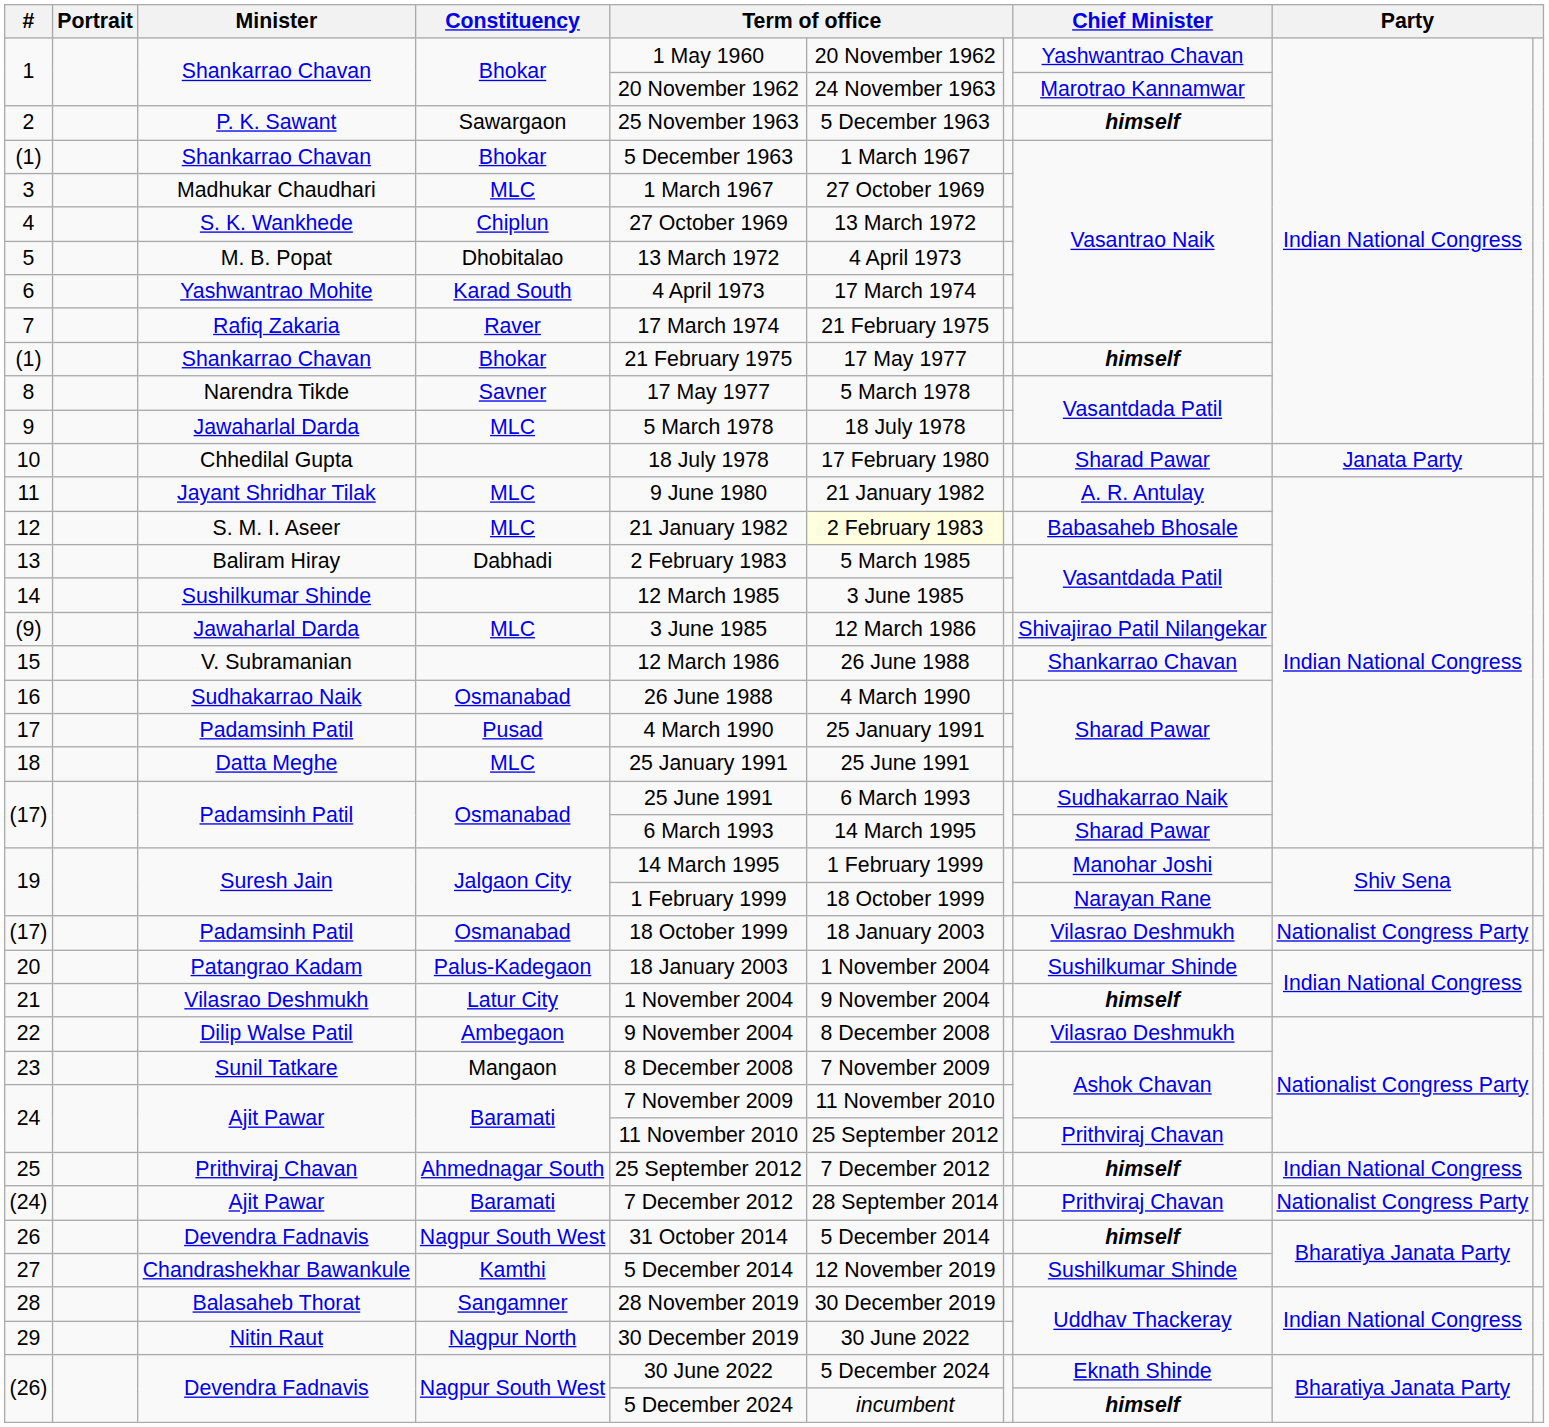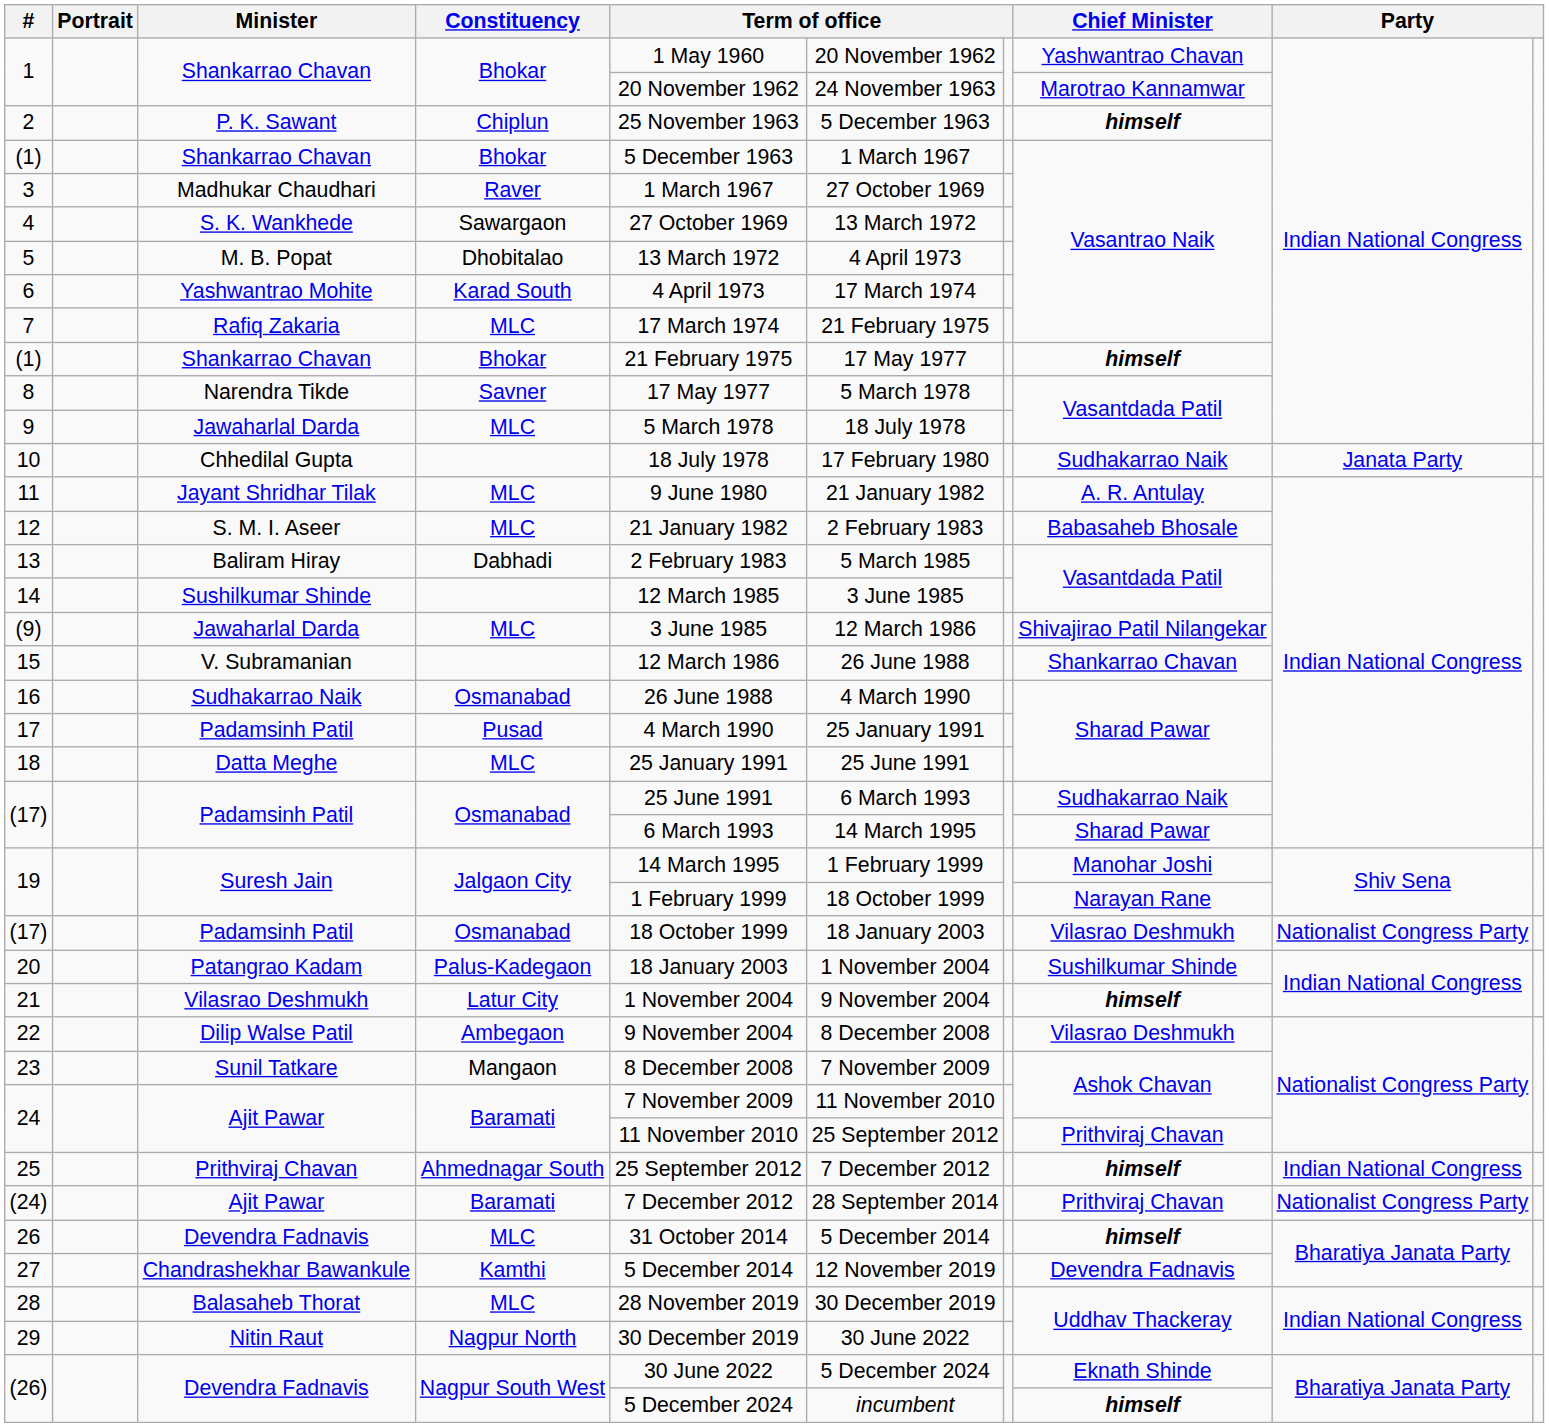 <table class="wikitable" style="text-align:center">
 <tr>
 <th>#</th>
 <th>Portrait</th>
 <th>Minister</th>
 <th><a href='#'>Constituency</a></th>
 <th colspan="3">Term of office</th>
 <th><a href='#'>Chief Minister</a></th>
 <th colspan="2">Party</th>
 </tr>
 <tr>
 <td rowspan="2">1</td>
 <td rowspan="2"></td>
 <td rowspan="2"><a href='#'>Shankarrao Chavan</a></td>
 <td rowspan="2"><a href='#'>Bhokar</a></td>
 <td>1 May 1960</td>
 <td>20 November 1962</td>
 <td rowspan="2"></td>
 <td><a href='#'>Yashwantrao Chavan</a></td>
 <td rowspan="12"><a href='#'>Indian National Congress</a></td>
 <td rowspan="12" style="background-color: "></td>
 </tr>
 <tr>
 <td>20 November 1962</td>
 <td>24 November 1963</td>
 <td><a href='#'>Marotrao Kannamwar</a></td>
 </tr>
 <tr>
 <td>2</td>
 <td></td>
 <td><a href='#'>P. K. Sawant</a></td>
-<td>Sawargaon</td>
+<td><a href='#'>Chiplun</a></td>
 <td>25 November 1963</td>
 <td>5 December 1963</td>
 <td></td>
 <td><strong><em>himself</em></strong></td>
 </tr>
 <tr>
 <td>(1)</td>
 <td></td>
 <td><a href='#'>Shankarrao Chavan</a></td>
 <td><a href='#'>Bhokar</a></td>
 <td>5 December 1963</td>
 <td>1 March 1967</td>
 <td></td>
 <td rowspan="6"><a href='#'>Vasantrao Naik</a></td>
 </tr>
 <tr>
 <td>3</td>
 <td></td>
 <td>Madhukar Chaudhari</td>
-<td><a href='#'>MLC</a></td>
+<td><a href='#'>Raver</a></td>
 <td>1 March 1967</td>
 <td>27 October 1969</td>
 <td></td>
 </tr>
 <tr>
 <td>4</td>
 <td></td>
 <td><a href='#'>S. K. Wankhede</a></td>
-<td><a href='#'>Chiplun</a></td>
+<td>Sawargaon</td>
 <td>27 October 1969</td>
 <td>13 March 1972</td>
 <td></td>
 </tr>
 <tr>
 <td>5</td>
 <td></td>
 <td>M. B. Popat</td>
 <td>Dhobitalao</td>
 <td>13 March 1972</td>
 <td>4 April 1973</td>
 <td></td>
 </tr>
 <tr>
 <td>6</td>
 <td></td>
 <td><a href='#'>Yashwantrao Mohite</a></td>
 <td><a href='#'>Karad South</a></td>
 <td>4 April 1973</td>
 <td>17 March 1974</td>
 <td></td>
 </tr>
 <tr>
 <td>7</td>
 <td></td>
 <td><a href='#'>Rafiq Zakaria</a></td>
-<td><a href='#'>Raver</a></td>
+<td><a href='#'>MLC</a></td>
 <td>17 March 1974</td>
 <td>21 February 1975</td>
 <td></td>
 </tr>
 <tr>
 <td>(1)</td>
 <td></td>
 <td><a href='#'>Shankarrao Chavan</a></td>
 <td><a href='#'>Bhokar</a></td>
 <td>21 February 1975</td>
 <td>17 May 1977</td>
 <td></td>
 <td><strong><em>himself</em></strong></td>
 </tr>
 <tr>
 <td>8</td>
 <td></td>
 <td>Narendra Tikde</td>
 <td><a href='#'>Savner</a></td>
 <td>17 May 1977</td>
 <td>5 March 1978</td>
 <td></td>
 <td rowspan="2"><a href='#'>Vasantdada Patil</a></td>
 </tr>
 <tr>
 <td>9</td>
 <td></td>
 <td><a href='#'>Jawaharlal Darda</a></td>
 <td><a href='#'>MLC</a></td>
 <td>5 March 1978</td>
 <td>18 July 1978</td>
 <td></td>
 </tr>
 <tr>
 <td>10</td>
 <td></td>
 <td>Chhedilal Gupta</td>
 <td></td>
 <td>18 July 1978</td>
 <td>17 February 1980</td>
 <td></td>
-<td><a href='#'>Sharad Pawar</a></td>
+<td><a href='#'>Sudhakarrao Naik</a></td>
 <td><a href='#'>Janata Party</a></td>
 <td style="background-color: "></td>
 </tr>
 <tr>
 <td>11</td>
 <td></td>
 <td><a href='#'>Jayant Shridhar Tilak</a></td>
 <td><a href='#'>MLC</a></td>
 <td>9 June 1980</td>
 <td>21 January 1982</td>
 <td></td>
 <td><a href='#'>A. R. Antulay</a></td>
 <td rowspan="11"><a href='#'>Indian National Congress</a></td>
 <td rowspan="11" style="background-color: "></td>
 </tr>
 <tr>
 <td>12</td>
 <td></td>
 <td>S. M. I. Aseer</td>
 <td><a href='#'>MLC</a></td>
 <td>21 January 1982</td>
-<td style="background: lightyellow;">2 February 1983</td>
+<td>2 February 1983</td>
 <td></td>
 <td><a href='#'>Babasaheb Bhosale</a></td>
 </tr>
 <tr>
 <td>13</td>
 <td></td>
 <td>Baliram Hiray</td>
 <td>Dabhadi</td>
 <td>2 February 1983</td>
 <td>5 March 1985</td>
 <td></td>
 <td rowspan="2"><a href='#'>Vasantdada Patil</a></td>
 </tr>
 <tr>
 <td>14</td>
 <td></td>
 <td><a href='#'>Sushilkumar Shinde</a></td>
 <td></td>
 <td>12 March 1985</td>
 <td>3 June 1985</td>
 <td></td>
 </tr>
 <tr>
 <td>(9)</td>
 <td></td>
 <td><a href='#'>Jawaharlal Darda</a></td>
 <td><a href='#'>MLC</a></td>
 <td>3 June 1985</td>
 <td>12 March 1986</td>
 <td></td>
 <td><a href='#'>Shivajirao Patil Nilangekar</a></td>
 </tr>
 <tr>
 <td>15</td>
 <td></td>
 <td>V. Subramanian</td>
 <td></td>
 <td>12 March 1986</td>
 <td>26 June 1988</td>
 <td></td>
 <td><a href='#'>Shankarrao Chavan</a></td>
 </tr>
 <tr>
 <td>16</td>
 <td></td>
 <td><a href='#'>Sudhakarrao Naik</a></td>
 <td><a href='#'>Osmanabad</a></td>
 <td>26 June 1988</td>
 <td>4 March 1990</td>
 <td></td>
 <td rowspan="3"><a href='#'>Sharad Pawar</a></td>
 </tr>
 <tr>
 <td>17</td>
 <td></td>
 <td><a href='#'>Padamsinh Patil</a></td>
 <td><a href='#'>Pusad</a></td>
 <td>4 March 1990</td>
 <td>25 January 1991</td>
 <td></td>
 </tr>
 <tr>
 <td>18</td>
 <td></td>
 <td><a href='#'>Datta Meghe</a></td>
 <td><a href='#'>MLC</a></td>
 <td>25 January 1991</td>
 <td>25 June 1991</td>
 <td></td>
 </tr>
 <tr>
 <td rowspan="2">(17)</td>
 <td rowspan="2"></td>
 <td rowspan="2"><a href='#'>Padamsinh Patil</a></td>
 <td rowspan="2"><a href='#'>Osmanabad</a></td>
 <td>25 June 1991</td>
 <td>6 March 1993</td>
 <td rowspan="2"></td>
 <td><a href='#'>Sudhakarrao Naik</a></td>
 </tr>
 <tr>
 <td>6 March 1993</td>
 <td>14 March 1995</td>
 <td><a href='#'>Sharad Pawar</a></td>
 </tr>
 <tr>
 <td rowspan="2">19</td>
 <td rowspan="2"></td>
 <td rowspan="2"><a href='#'>Suresh Jain</a></td>
 <td rowspan="2"><a href='#'>Jalgaon City</a></td>
 <td>14 March 1995</td>
 <td>1 February 1999</td>
 <td rowspan="2"></td>
 <td><a href='#'>Manohar Joshi</a></td>
 <td rowspan="2"><a href='#'>Shiv Sena</a></td>
 <td rowspan="2" style="background-color: "></td>
 </tr>
 <tr>
 <td>1 February 1999</td>
 <td>18 October 1999</td>
 <td><a href='#'>Narayan Rane</a></td>
 </tr>
 <tr>
 <td>(17)</td>
 <td></td>
 <td><a href='#'>Padamsinh Patil</a></td>
 <td><a href='#'>Osmanabad</a></td>
 <td>18 October 1999</td>
 <td>18 January 2003</td>
 <td></td>
 <td><a href='#'>Vilasrao Deshmukh</a></td>
 <td><a href='#'>Nationalist Congress Party</a></td>
 <td style="background-color: "></td>
 </tr>
 <tr>
 <td>20</td>
 <td></td>
 <td><a href='#'>Patangrao Kadam</a></td>
 <td><a href='#'>Palus-Kadegaon</a></td>
 <td>18 January 2003</td>
 <td>1 November 2004</td>
 <td></td>
 <td><a href='#'>Sushilkumar Shinde</a></td>
 <td rowspan="2"><a href='#'>Indian National Congress</a></td>
 <td rowspan="2" style="background-color: "></td>
 </tr>
 <tr>
 <td>21</td>
 <td></td>
 <td><a href='#'>Vilasrao Deshmukh</a></td>
 <td><a href='#'>Latur City</a></td>
 <td>1 November 2004</td>
 <td>9 November 2004</td>
 <td></td>
 <td><strong><em>himself</em></strong></td>
 </tr>
 <tr>
 <td>22</td>
 <td></td>
 <td><a href='#'>Dilip Walse Patil</a></td>
 <td><a href='#'>Ambegaon</a></td>
 <td>9 November 2004</td>
 <td>8 December 2008</td>
 <td></td>
 <td><a href='#'>Vilasrao Deshmukh</a></td>
 <td rowspan="4"><a href='#'>Nationalist Congress Party</a></td>
 <td rowspan="4" style="background-color: "></td>
 </tr>
 <tr>
 <td>23</td>
 <td></td>
 <td><a href='#'>Sunil Tatkare</a></td>
 <td>Mangaon</td>
 <td>8 December 2008</td>
 <td>7 November 2009</td>
 <td></td>
 <td rowspan="2"><a href='#'>Ashok Chavan</a></td>
 </tr>
 <tr>
 <td rowspan="2">24</td>
 <td rowspan="2"></td>
 <td rowspan="2"><a href='#'>Ajit Pawar</a></td>
 <td rowspan="2"><a href='#'>Baramati</a></td>
 <td>7 November 2009</td>
 <td>11 November 2010</td>
 <td rowspan="2"></td>
 </tr>
 <tr>
 <td>11 November 2010</td>
 <td>25 September 2012</td>
 <td><a href='#'>Prithviraj Chavan</a></td>
 </tr>
 <tr>
 <td>25</td>
 <td></td>
 <td><a href='#'>Prithviraj Chavan</a></td>
 <td><a href='#'>Ahmednagar South</a></td>
 <td>25 September 2012</td>
 <td>7 December 2012</td>
 <td></td>
 <td><strong><em>himself</em></strong></td>
 <td><a href='#'>Indian National Congress</a></td>
 <td style="background-color: "></td>
 </tr>
 <tr>
 <td>(24)</td>
 <td></td>
 <td><a href='#'>Ajit Pawar</a></td>
 <td><a href='#'>Baramati</a></td>
 <td>7 December 2012</td>
 <td>28 September 2014</td>
 <td></td>
 <td><a href='#'>Prithviraj Chavan</a></td>
 <td><a href='#'>Nationalist Congress Party</a></td>
 <td style="background-color: "></td>
 </tr>
 <tr>
 <td>26</td>
 <td></td>
 <td><a href='#'>Devendra Fadnavis</a></td>
-<td><a href='#'>Nagpur South West</a></td>
+<td><a href='#'>MLC</a></td>
 <td>31 October 2014</td>
 <td>5 December 2014</td>
 <td></td>
 <td><strong><em>himself</em></strong></td>
 <td rowspan="2"><a href='#'>Bharatiya Janata Party</a></td>
 <td rowspan="2" style="background-color: "></td>
 </tr>
 <tr>
 <td>27</td>
 <td></td>
 <td><a href='#'>Chandrashekhar Bawankule</a></td>
 <td><a href='#'>Kamthi</a></td>
 <td>5 December 2014</td>
 <td>12 November 2019</td>
 <td></td>
-<td><a href='#'>Sushilkumar Shinde</a></td>
+<td><a href='#'>Devendra Fadnavis</a></td>
 </tr>
 <tr>
 <td>28</td>
 <td></td>
 <td><a href='#'>Balasaheb Thorat</a></td>
-<td><a href='#'>Sangamner</a></td>
+<td><a href='#'>MLC</a></td>
 <td>28 November 2019</td>
 <td>30 December 2019</td>
 <td></td>
 <td rowspan="2"><a href='#'>Uddhav Thackeray</a></td>
 <td rowspan="2"><a href='#'>Indian National Congress</a></td>
 <td rowspan="2" style="background-color: "></td>
 </tr>
 <tr>
 <td>29</td>
 <td></td>
 <td><a href='#'>Nitin Raut</a></td>
 <td><a href='#'>Nagpur North</a></td>
 <td>30 December 2019</td>
 <td>30 June 2022</td>
 <td></td>
 </tr>
 <tr>
 <td rowspan="2">(26)</td>
 <td rowspan="2"></td>
 <td rowspan="2"><a href='#'>Devendra Fadnavis</a></td>
 <td rowspan="2"><a href='#'>Nagpur South West</a></td>
 <td>30 June 2022</td>
 <td>5 December 2024</td>
 <td rowspan="2"></td>
 <td><a href='#'>Eknath Shinde</a></td>
 <td rowspan="2"><a href='#'>Bharatiya Janata Party</a></td>
 <td rowspan="2" style="background-color: "></td>
 </tr>
 <tr>
 <td>5 December 2024</td>
 <td><em>incumbent</em></td>
 <td><strong><em>himself</em></strong></td>
 </tr>
 </table>
